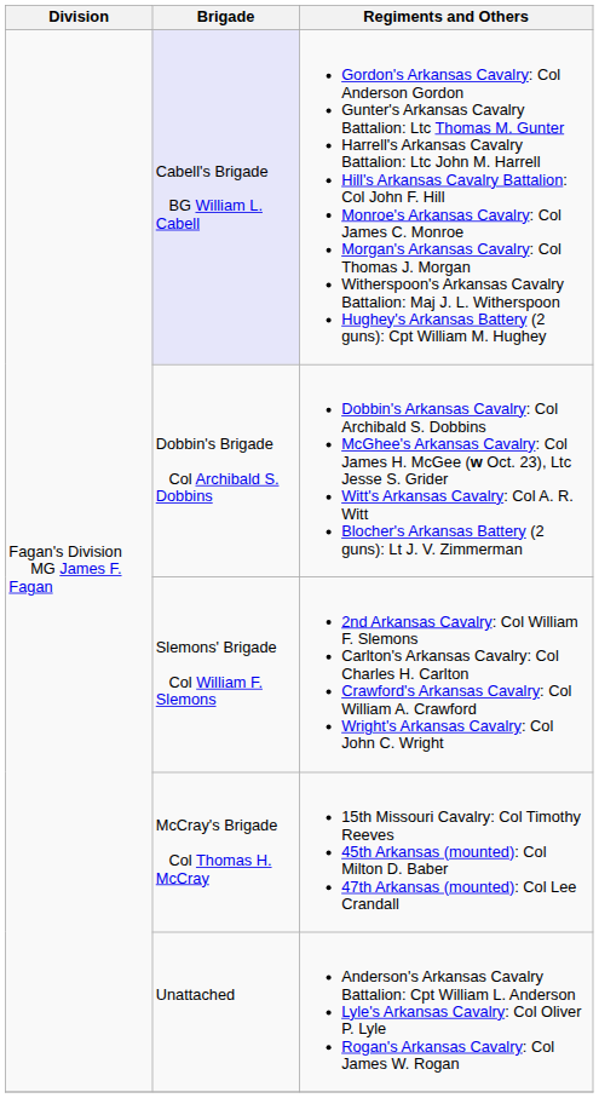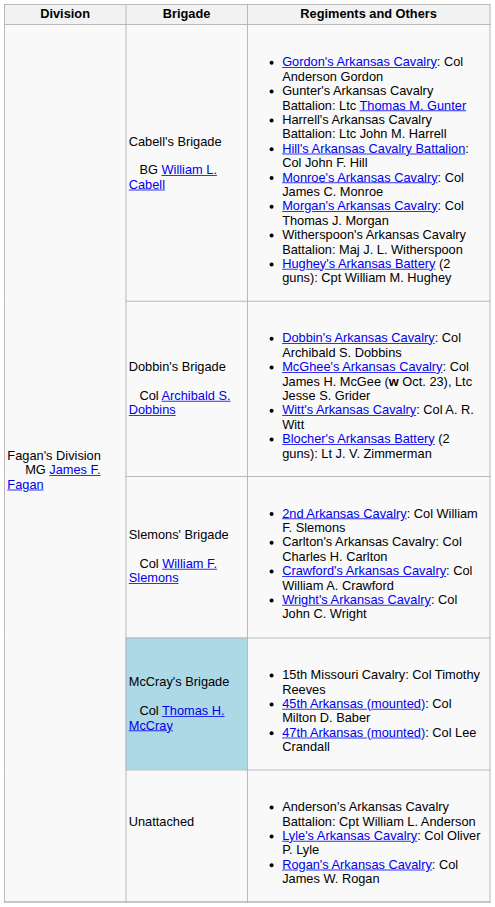 <table class="wikitable">
 <tr>
 <th width=25%>Division</th>
 <th width=25%>Brigade</th>
 <th>Regiments and Others</th>
 </tr>
 <tr>
 <td rowspan=5><br>Fagan's Division <br>     MG <a href='#'>James F. Fagan</a><br></td>
-<td style="background: lavender;">Cabell's Brigade<br><br>   BG <a href='#'>William L. Cabell</a></td>
+<td>Cabell's Brigade<br><br>   BG <a href='#'>William L. Cabell</a></td>
 <td><br><ul><li><a href='#'>Gordon's Arkansas Cavalry</a>: Col Anderson Gordon</li><li>Gunter's Arkansas Cavalry Battalion: Ltc <a href='#'>Thomas M. Gunter</a></li><li>Harrell's Arkansas Cavalry Battalion: Ltc John M. Harrell</li><li><a href='#'>Hill's Arkansas Cavalry Battalion</a>: Col John F. Hill</li><li><a href='#'>Monroe's Arkansas Cavalry</a>: Col James C. Monroe</li><li><a href='#'>Morgan's Arkansas Cavalry</a>: Col Thomas J. Morgan</li><li>Witherspoon's Arkansas Cavalry Battalion: Maj J. L. Witherspoon</li><li><a href='#'>Hughey's Arkansas Battery</a> (2 guns): Cpt William M. Hughey</li></ul></td>
 </tr>
 <tr>
 <td>Dobbin's Brigade<br><br>   Col <a href='#'>Archibald S. Dobbins</a></td>
 <td><br><ul><li><a href='#'>Dobbin's Arkansas Cavalry</a>: Col Archibald S. Dobbins</li><li><a href='#'>McGhee's Arkansas Cavalry</a>: Col James H. McGee (<strong>w</strong> Oct. 23), Ltc Jesse S. Grider</li><li><a href='#'>Witt's Arkansas Cavalry</a>: Col A. R. Witt</li><li><a href='#'>Blocher's Arkansas Battery</a> (2 guns): Lt J. V. Zimmerman</li></ul></td>
 </tr>
 <tr>
 <td>Slemons' Brigade<br><br>   Col <a href='#'>William F. Slemons</a></td>
 <td><br><ul><li><a href='#'>2nd Arkansas Cavalry</a>: Col William F. Slemons</li><li>Carlton's Arkansas Cavalry: Col Charles H. Carlton</li><li><a href='#'>Crawford's Arkansas Cavalry</a>: Col William A. Crawford</li><li><a href='#'>Wright's Arkansas Cavalry</a>: Col John C. Wright</li></ul></td>
 </tr>
 <tr>
-<td>McCray's Brigade<br><br>   Col <a href='#'>Thomas H. McCray</a></td>
+<td style="background: lightblue;">McCray's Brigade<br><br>   Col <a href='#'>Thomas H. McCray</a></td>
 <td><br><ul><li>15th Missouri Cavalry: Col Timothy Reeves</li><li><a href='#'>45th Arkansas (mounted)</a>: Col Milton D. Baber</li><li><a href='#'>47th Arkansas (mounted)</a>: Col Lee Crandall</li></ul></td>
 </tr>
 <tr>
 <td>Unattached<br><br>  </td>
 <td><br><ul><li>Anderson's Arkansas Cavalry Battalion: Cpt William L. Anderson</li><li><a href='#'>Lyle's Arkansas Cavalry</a>: Col Oliver P. Lyle</li><li><a href='#'>Rogan's Arkansas Cavalry</a>: Col James W. Rogan</li></ul></td>
 </tr>
 <tr>
 </tr>
 </table>
